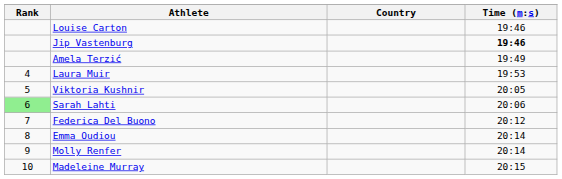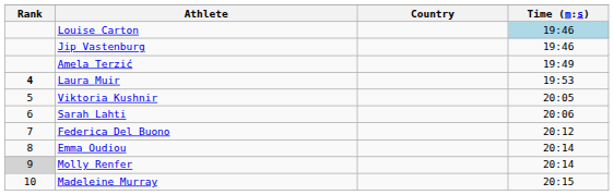 <table class="wikitable" style="text-align:center;" width="60%">
 <tr>
 </tr>
 <tr>
 <th width=5%>Rank</th>
 <th width=30%>Athlete</th>
 <th width=15%>Country</th>
 <th width=10%>Time (<a href='#'>m</a>:<a href='#'>s</a>)</th>
 </tr>
 <tr>
 <td></td>
 <td align="left"><a href='#'>Louise Carton</a></td>
 <td align="left"></td>
-<td>19:46</td>
+<td style="background: lightblue;">19:46</td>
 </tr>
 <tr>
 <td></td>
 <td align="left"><a href='#'>Jip Vastenburg</a></td>
 <td align="left"></td>
-<td><strong>19:46</strong></td>
+<td>19:46</td>
 </tr>
 <tr>
 <td></td>
 <td align="left"><a href='#'>Amela Terzić</a></td>
 <td align="left"></td>
 <td>19:49</td>
 </tr>
 <tr>
-<td>4</td>
+<td><strong>4</strong></td>
 <td align="left"><a href='#'>Laura Muir</a></td>
 <td align="left"></td>
 <td>19:53</td>
 </tr>
 <tr>
 <td>5</td>
 <td align="left"><a href='#'>Viktoria Kushnir</a></td>
 <td align="left"></td>
 <td>20:05</td>
 </tr>
 <tr>
-<td style="background: lightgreen;">6</td>
+<td>6</td>
 <td align="left"><a href='#'>Sarah Lahti</a></td>
 <td align="left"></td>
 <td>20:06</td>
 </tr>
 <tr>
 <td>7</td>
 <td align="left"><a href='#'>Federica Del Buono</a></td>
 <td align="left"></td>
 <td>20:12</td>
 </tr>
 <tr>
 <td>8</td>
 <td align="left"><a href='#'>Emma Oudiou</a></td>
 <td align="left"></td>
 <td>20:14</td>
 </tr>
 <tr>
-<td>9</td>
+<td style="background: lightgrey;">9</td>
 <td align="left"><a href='#'>Molly Renfer</a></td>
 <td align="left"></td>
 <td>20:14</td>
 </tr>
 <tr>
 <td>10</td>
 <td align="left"><a href='#'>Madeleine Murray</a></td>
 <td align="left"></td>
 <td>20:15</td>
 </tr>
 </table>
